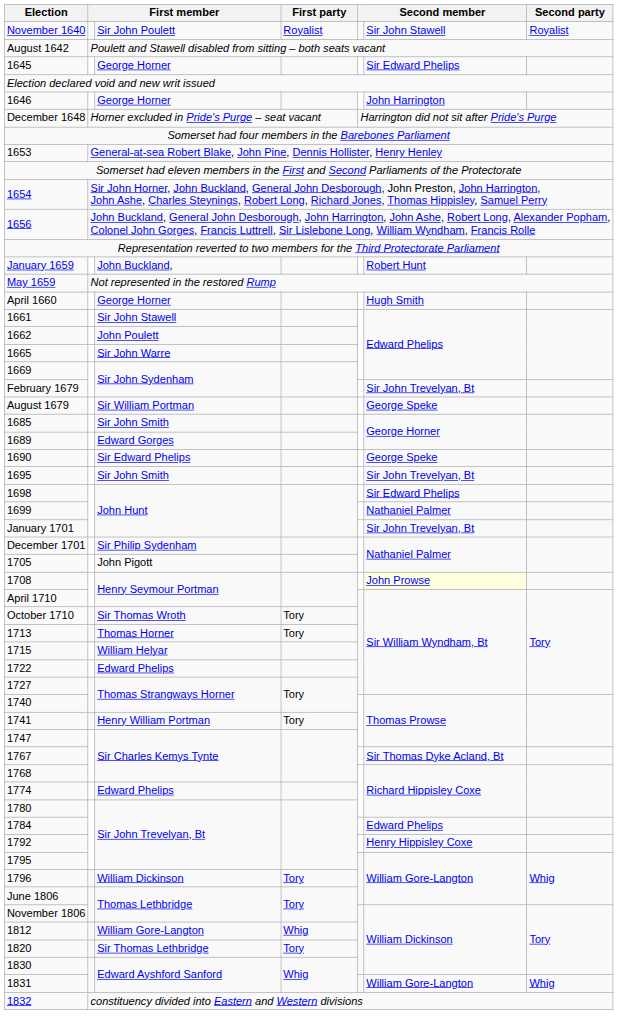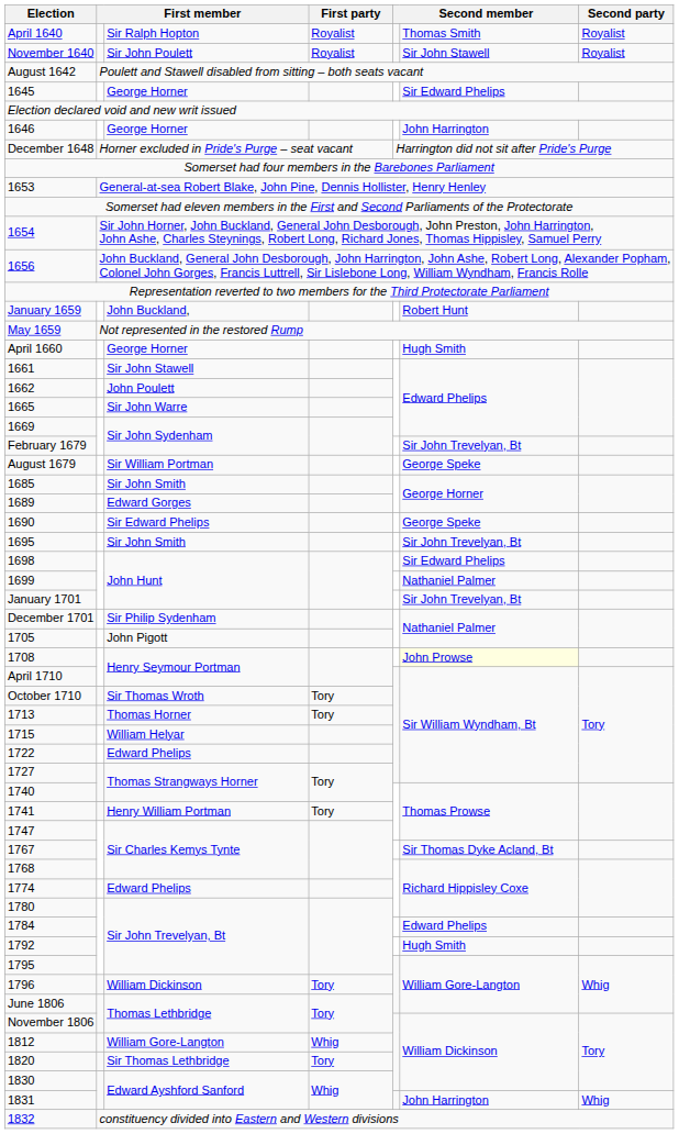 <table class="wikitable">
 <tr>
 <th>Election</th>
 <th colspan="2">First member</th>
 <th>First party</th>
 <th colspan="2">Second member</th>
 <th>Second party</th>
+</tr>
+<tr>
+<td><a href='#'>April 1640</a></td>
+<td style="color:inherit;background-color: "></td>
+<td><a href='#'>Sir Ralph Hopton</a></td>
+<td><a href='#'>Royalist</a></td>
+<td style="color:inherit;background-color: "></td>
+<td><a href='#'>Thomas Smith</a></td>
+<td><a href='#'>Royalist</a></td>
 </tr>
 <tr>
 <td><a href='#'>November 1640</a></td>
 <td style="color:inherit;background-color: "></td>
 <td><a href='#'>Sir John Poulett</a></td>
 <td><a href='#'>Royalist</a></td>
 <td style="color:inherit;background-color: "></td>
 <td><a href='#'>Sir John Stawell</a></td>
 <td><a href='#'>Royalist</a></td>
 </tr>
 <tr>
 <td>August 1642</td>
 <td colspan="6"><em>Poulett and Stawell disabled from sitting – both seats vacant</em></td>
 </tr>
 <tr>
 <td>1645</td>
 <td style="color:inherit;background-color: white"></td>
 <td><a href='#'>George Horner</a></td>
 <td></td>
 <td style="color:inherit;background-color: white"></td>
 <td><a href='#'>Sir Edward Phelips</a></td>
 <td></td>
 </tr>
 <tr>
 <td colspan="7"><em>Election declared void and new writ issued</em></td>
 </tr>
 <tr>
 <td>1646</td>
 <td style="color:inherit;background-color: white"></td>
 <td><a href='#'>George Horner</a></td>
 <td></td>
 <td style="color:inherit;background-color: white"></td>
 <td><a href='#'>John Harrington</a></td>
 <td></td>
 </tr>
 <tr>
 <td>December 1648</td>
 <td colspan="3"><em>Horner excluded in <a href='#'>Pride's Purge</a> – seat vacant</em></td>
 <td colspan="3"><em>Harrington did not sit after <a href='#'>Pride's Purge</a></em></td>
 </tr>
 <tr>
 <td colspan="7" align="center"><em>Somerset had four members in the <a href='#'>Barebones Parliament</a></em></td>
 </tr>
 <tr>
 <td>1653</td>
 <td colspan="6"><a href='#'>General-at-sea Robert Blake</a>, <a href='#'>John Pine</a>, <a href='#'>Dennis Hollister</a>, <a href='#'>Henry Henley</a></td>
 </tr>
 <tr>
 <td colspan="7" align="center"><em>Somerset had eleven members in the <a href='#'>First</a> and <a href='#'>Second</a> Parliaments of the Protectorate</em></td>
 </tr>
 <tr>
 <td><a href='#'>1654</a></td>
 <td colspan="6"><a href='#'>Sir John Horner</a>, <a href='#'>John Buckland</a>, <a href='#'>General John Desborough</a>, John Preston, <a href='#'>John Harrington</a>,<br> <a href='#'>John Ashe</a>, <a href='#'>Charles Steynings</a>, <a href='#'>Robert Long</a>, <a href='#'>Richard Jones</a>, <a href='#'>Thomas Hippisley</a>, <a href='#'>Samuel Perry</a></td>
 </tr>
 <tr>
 <td><a href='#'>1656</a></td>
 <td colspan="6"><a href='#'>John Buckland</a>, <a href='#'>General John Desborough</a>, <a href='#'>John Harrington</a>, <a href='#'>John Ashe</a>, <a href='#'>Robert Long</a>, <a href='#'>Alexander Popham</a>,<br> <a href='#'>Colonel John Gorges</a>, <a href='#'>Francis Luttrell</a>, <a href='#'>Sir Lislebone Long</a>, <a href='#'>William Wyndham</a>, <a href='#'>Francis Rolle</a></td>
 </tr>
 <tr>
 <td colspan="7" align="center"><em>Representation reverted to two members for the <a href='#'>Third Protectorate Parliament</a></em></td>
 </tr>
 <tr>
 <td><a href='#'>January 1659</a></td>
 <td style="color:inherit;background-color: white"></td>
 <td><a href='#'>John Buckland</a>,</td>
 <td></td>
 <td style="color:inherit;background-color: white"></td>
 <td><a href='#'>Robert Hunt</a></td>
 <td></td>
 </tr>
 <tr>
 <td><a href='#'>May 1659</a></td>
 <td colspan="6"><em>Not represented in the restored <a href='#'>Rump</a></em></td>
 </tr>
 <tr>
 <td>April 1660</td>
 <td style="color:inherit;background-color: white"></td>
 <td><a href='#'>George Horner</a></td>
 <td></td>
 <td style="color:inherit;background-color: white"></td>
 <td><a href='#'>Hugh Smith</a></td>
 <td></td>
 </tr>
 <tr>
 <td>1661</td>
 <td style="color:inherit;background-color: white"></td>
 <td><a href='#'>Sir John Stawell</a></td>
 <td></td>
 <td rowspan="4" style="color:inherit;background-color: white"></td>
 <td rowspan="4"><a href='#'>Edward Phelips</a></td>
 <td rowspan="4"></td>
 </tr>
 <tr>
 <td>1662</td>
 <td style="color:inherit;background-color: white"></td>
 <td><a href='#'>John Poulett</a></td>
 <td></td>
 </tr>
 <tr>
 <td>1665</td>
 <td style="color:inherit;background-color: white"></td>
 <td><a href='#'>Sir John Warre</a></td>
 <td></td>
 </tr>
 <tr>
 <td>1669</td>
 <td rowspan="2" style="color:inherit;background-color: white"></td>
 <td rowspan="2"><a href='#'>Sir John Sydenham</a></td>
 <td rowspan="2"></td>
 </tr>
 <tr>
 <td>February 1679</td>
 <td style="color:inherit;background-color: white"></td>
 <td><a href='#'>Sir John Trevelyan, Bt</a></td>
 <td></td>
 </tr>
 <tr>
 <td>August 1679</td>
 <td style="color:inherit;background-color: white"></td>
 <td><a href='#'>Sir William Portman</a></td>
 <td></td>
 <td style="color:inherit;background-color: white"></td>
 <td><a href='#'>George Speke</a></td>
 <td></td>
 </tr>
 <tr>
 <td>1685</td>
 <td style="color:inherit;background-color: white"></td>
 <td><a href='#'>Sir John Smith</a></td>
 <td></td>
 <td rowspan="2" style="color:inherit;background-color: white"></td>
 <td rowspan="2"><a href='#'>George Horner</a></td>
 <td rowspan="2"></td>
 </tr>
 <tr>
 <td>1689</td>
 <td style="color:inherit;background-color: white"></td>
 <td><a href='#'>Edward Gorges</a></td>
 <td></td>
 </tr>
 <tr>
 <td>1690</td>
 <td style="color:inherit;background-color: white"></td>
 <td><a href='#'>Sir Edward Phelips</a></td>
 <td></td>
 <td style="color:inherit;background-color: white"></td>
 <td><a href='#'>George Speke</a></td>
 <td></td>
 </tr>
 <tr>
 <td>1695</td>
 <td style="color:inherit;background-color: white"></td>
 <td><a href='#'>Sir John Smith</a></td>
 <td></td>
 <td style="color:inherit;background-color: white"></td>
 <td><a href='#'>Sir John Trevelyan, Bt</a></td>
 <td></td>
 </tr>
 <tr>
 <td>1698</td>
 <td rowspan="3" style="color:inherit;background-color: white"></td>
 <td rowspan="3"><a href='#'>John Hunt</a></td>
 <td rowspan="3"></td>
 <td style="color:inherit;background-color: white"></td>
 <td><a href='#'>Sir Edward Phelips</a></td>
 <td></td>
 </tr>
 <tr>
 <td>1699</td>
 <td style="color:inherit;background-color: white"></td>
 <td><a href='#'>Nathaniel Palmer</a></td>
 <td></td>
 </tr>
 <tr>
 <td>January 1701</td>
 <td style="color:inherit;background-color: white"></td>
 <td><a href='#'>Sir John Trevelyan, Bt</a></td>
 <td></td>
 </tr>
 <tr>
 <td>December 1701</td>
 <td style="color:inherit;background-color: white"></td>
 <td><a href='#'>Sir Philip Sydenham</a></td>
 <td></td>
 <td rowspan="2" style="color:inherit;background-color: white"></td>
 <td rowspan="2"><a href='#'>Nathaniel Palmer</a></td>
 <td rowspan="2"></td>
 </tr>
 <tr>
 <td>1705</td>
 <td style="color:inherit;background-color: white"></td>
 <td>John Pigott</td>
 <td></td>
 </tr>
 <tr>
 <td>1708</td>
 <td rowspan="2" style="color:inherit;background-color: white"></td>
 <td rowspan="2"><a href='#'>Henry Seymour Portman</a></td>
 <td rowspan="2"></td>
 <td style="color:inherit;background-color: white"></td>
 <td style="background: lightyellow;"><a href='#'>John Prowse</a></td>
 <td></td>
 </tr>
 <tr>
 <td>April 1710</td>
 <td rowspan="6" style="color:inherit;background-color: "></td>
 <td rowspan="6"><a href='#'>Sir William Wyndham, Bt</a></td>
 <td rowspan="6"><a href='#'>Tory</a></td>
 </tr>
 <tr>
 <td>October 1710</td>
 <td style="color:inherit;background-color: "></td>
 <td><a href='#'>Sir Thomas Wroth</a></td>
 <td>Tory</td>
 </tr>
 <tr>
 <td>1713</td>
 <td style="color:inherit;background-color: "></td>
 <td><a href='#'>Thomas Horner</a></td>
 <td>Tory</td>
 </tr>
 <tr>
 <td>1715</td>
 <td style="color:inherit;background-color: white"></td>
 <td><a href='#'>William Helyar</a></td>
 <td></td>
 </tr>
 <tr>
 <td>1722</td>
 <td style="color:inherit;background-color: white"></td>
 <td><a href='#'>Edward Phelips</a></td>
 <td></td>
 </tr>
 <tr>
 <td>1727</td>
 <td rowspan="2" style="color:inherit;background-color: "></td>
 <td rowspan="2"><a href='#'>Thomas Strangways Horner</a></td>
 <td rowspan="2">Tory</td>
 </tr>
 <tr>
 <td>1740</td>
 <td rowspan="3" style="color:inherit;background-color: white"></td>
 <td rowspan="3"><a href='#'>Thomas Prowse</a></td>
 <td rowspan="3"></td>
 </tr>
 <tr>
 <td>1741</td>
 <td style="color:inherit;background-color: "></td>
 <td><a href='#'>Henry William Portman</a></td>
 <td>Tory</td>
 </tr>
 <tr>
 <td>1747</td>
 <td rowspan="3" style="color:inherit;background-color: white"></td>
 <td rowspan="3"><a href='#'>Sir Charles Kemys Tynte</a></td>
 <td rowspan="3"></td>
 </tr>
 <tr>
 <td>1767</td>
 <td style="color:inherit;background-color: white"></td>
 <td><a href='#'>Sir Thomas Dyke Acland, Bt</a></td>
 <td></td>
 </tr>
 <tr>
 <td>1768</td>
 <td rowspan="3" style="color:inherit;background-color: white"></td>
 <td rowspan="3"><a href='#'>Richard Hippisley Coxe</a></td>
 <td rowspan="3"></td>
 </tr>
 <tr>
 <td>1774</td>
 <td style="color:inherit;background-color: white"></td>
 <td><a href='#'>Edward Phelips</a></td>
 <td></td>
 </tr>
 <tr>
 <td>1780</td>
 <td rowspan="4" style="color:inherit;background-color: white"></td>
 <td rowspan="4"><a href='#'>Sir John Trevelyan, Bt</a></td>
 <td rowspan="4"></td>
 </tr>
 <tr>
 <td>1784</td>
 <td style="color:inherit;background-color: white"></td>
 <td><a href='#'>Edward Phelips</a></td>
 <td></td>
 </tr>
 <tr>
 <td>1792</td>
 <td style="color:inherit;background-color: white"></td>
-<td><a href='#'>Henry Hippisley Coxe</a></td>
+<td><a href='#'>Hugh Smith</a></td>
 <td></td>
 </tr>
 <tr>
 <td>1795</td>
 <td rowspan="3" style="color:inherit;background-color: "></td>
 <td rowspan="3"><a href='#'>William Gore-Langton</a></td>
 <td rowspan="3"><a href='#'>Whig</a></td>
 </tr>
 <tr>
 <td>1796</td>
 <td style="color:inherit;background-color: "></td>
 <td><a href='#'>William Dickinson</a></td>
 <td><a href='#'>Tory</a></td>
 </tr>
 <tr>
 <td>June 1806</td>
 <td rowspan="2" style="color:inherit;background-color: "></td>
 <td rowspan="2"><a href='#'>Thomas Lethbridge</a></td>
 <td rowspan="2"><a href='#'>Tory</a></td>
 </tr>
 <tr>
 <td>November 1806</td>
 <td rowspan="4" style="color:inherit;background-color: "></td>
 <td rowspan="4"><a href='#'>William Dickinson</a></td>
 <td rowspan="4"><a href='#'>Tory</a></td>
 </tr>
 <tr>
 <td>1812</td>
 <td style="color:inherit;background-color: "></td>
 <td><a href='#'>William Gore-Langton</a></td>
 <td><a href='#'>Whig</a></td>
 </tr>
 <tr>
 <td>1820</td>
 <td style="color:inherit;background-color: "></td>
 <td><a href='#'>Sir Thomas Lethbridge</a></td>
 <td><a href='#'>Tory</a></td>
 </tr>
 <tr>
 <td>1830</td>
 <td rowspan="2" style="color:inherit;background-color: "></td>
 <td rowspan="2"><a href='#'>Edward Ayshford Sanford</a></td>
 <td rowspan="2"><a href='#'>Whig</a></td>
 </tr>
 <tr>
 <td>1831</td>
 <td style="color:inherit;background-color: "></td>
-<td><a href='#'>William Gore-Langton</a></td>
+<td><a href='#'>John Harrington</a></td>
 <td><a href='#'>Whig</a></td>
 </tr>
 <tr>
 <td><a href='#'>1832</a></td>
 <td colspan="6"><em>constituency divided into <a href='#'>Eastern</a> and <a href='#'>Western</a> divisions</em></td>
 </tr>
 </table>
